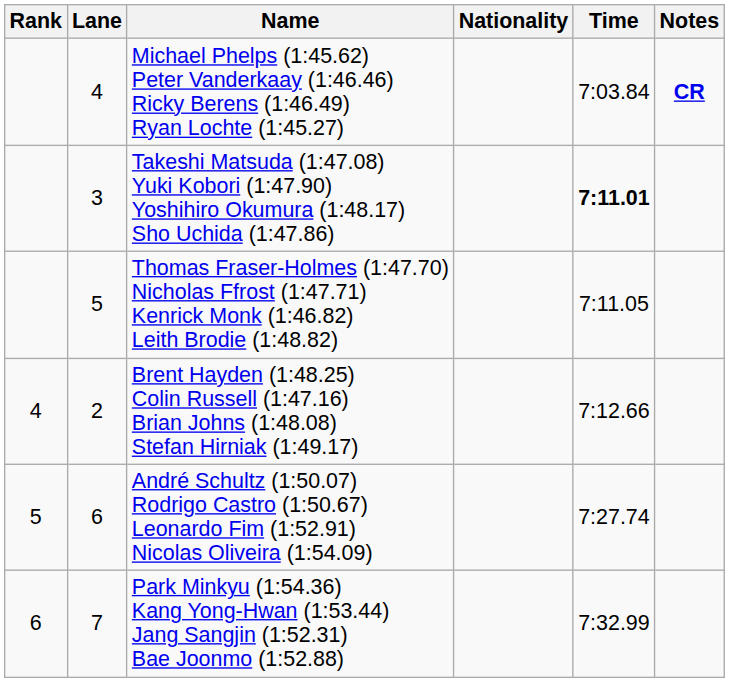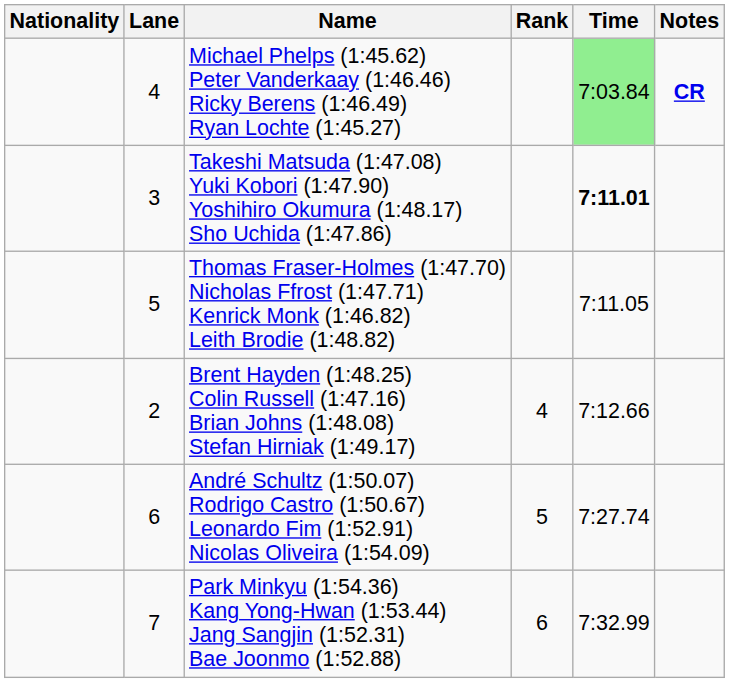 <table class="wikitable sortable" style="text-align:center">
 <tr>
-<th>Rank</th>
+<th>Nationality</th>
 <th>Lane</th>
 <th>Name</th>
-<th>Nationality</th>
+<th>Rank</th>
 <th>Time</th>
 <th>Notes</th>
 </tr>
 <tr>
-<td></td>
+<td align=left></td>
 <td>4</td>
 <td align=left><a href='#'>Michael Phelps</a> (1:45.62) <br> <a href='#'>Peter Vanderkaay</a> (1:46.46) <br> <a href='#'>Ricky Berens</a> (1:46.49) <br> <a href='#'>Ryan Lochte</a> (1:45.27)</td>
-<td align=left></td>
-<td>7:03.84</td>
+<td></td>
+<td style="background: lightgreen;">7:03.84</td>
 <td><strong><a href='#'>CR</a></strong></td>
 </tr>
 <tr>
-<td></td>
+<td align=left></td>
 <td>3</td>
 <td align=left><a href='#'>Takeshi Matsuda</a> (1:47.08) <br> <a href='#'>Yuki Kobori</a> (1:47.90) <br> <a href='#'>Yoshihiro Okumura</a> (1:48.17) <br> <a href='#'>Sho Uchida</a> (1:47.86)</td>
-<td align=left></td>
+<td></td>
 <td><strong>7:11.01</strong></td>
 <td></td>
 </tr>
 <tr>
-<td></td>
+<td align=left></td>
 <td>5</td>
 <td align=left><a href='#'>Thomas Fraser-Holmes</a> (1:47.70) <br> <a href='#'>Nicholas Ffrost</a> (1:47.71) <br> <a href='#'>Kenrick Monk</a> (1:46.82) <br> <a href='#'>Leith Brodie</a> (1:48.82)</td>
-<td align=left></td>
+<td></td>
 <td>7:11.05</td>
 <td></td>
 </tr>
 <tr>
-<td>4</td>
+<td align=left></td>
 <td>2</td>
 <td align=left><a href='#'>Brent Hayden</a> (1:48.25) <br><a href='#'>Colin Russell</a> (1:47.16) <br><a href='#'>Brian Johns</a> (1:48.08) <br><a href='#'>Stefan Hirniak</a> (1:49.17)</td>
-<td align=left></td>
+<td>4</td>
 <td>7:12.66</td>
 <td></td>
 </tr>
 <tr>
-<td>5</td>
+<td align=left></td>
 <td>6</td>
 <td align=left><a href='#'>André Schultz</a> (1:50.07) <br> <a href='#'>Rodrigo Castro</a> (1:50.67) <br> <a href='#'>Leonardo Fim</a> (1:52.91) <br> <a href='#'>Nicolas Oliveira</a> (1:54.09)</td>
-<td align=left></td>
+<td>5</td>
 <td>7:27.74</td>
 <td></td>
 </tr>
 <tr>
-<td>6</td>
+<td align=left></td>
 <td>7</td>
 <td align=left><a href='#'>Park Minkyu</a> (1:54.36) <br><a href='#'>Kang Yong-Hwan</a> (1:53.44) <br><a href='#'>Jang Sangjin</a> (1:52.31) <br><a href='#'>Bae Joonmo</a> (1:52.88)</td>
-<td align=left></td>
+<td>6</td>
 <td>7:32.99</td>
 <td></td>
 </tr>
 </table>
